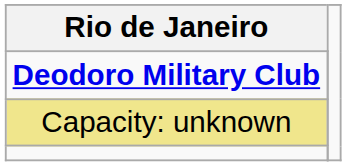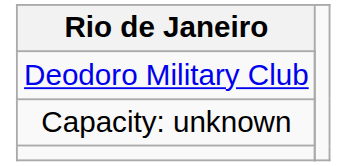 <table class="wikitable" style="margin:1em auto;text-align:center;">
 <tr>
 <th colspan="2">Rio de Janeiro</th>
 <td rowspan=4></td>
 </tr>
 <tr>
-<td><strong><a href='#'>Deodoro Military Club</a></strong></td>
+<td><a href='#'>Deodoro Military Club</a></td>
 </tr>
 <tr>
-<td style="background: khaki;">Capacity: unknown</td>
+<td>Capacity: unknown</td>
 </tr>
 <tr>
 <td></td>
 </tr>
 </table>
